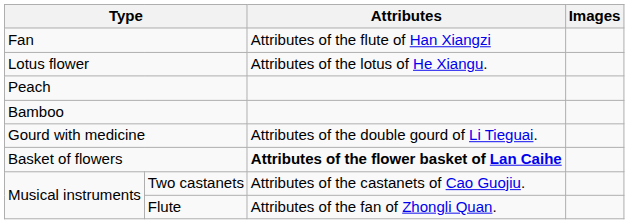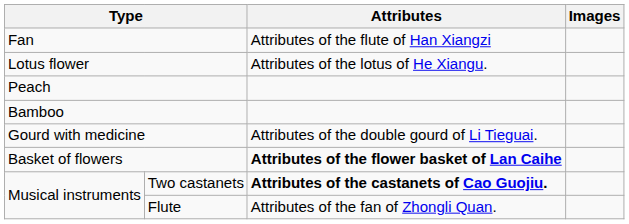 <table class="wikitable">
 <tr>
 <th colspan="2">Type</th>
 <th>Attributes</th>
 <th>Images</th>
 </tr>
 <tr>
 <td colspan="2">Fan</td>
 <td>Attributes of the flute of <a href='#'>Han Xiangzi</a></td>
 <td></td>
 </tr>
 <tr>
 <td colspan="2">Lotus flower</td>
 <td>Attributes of the lotus of <a href='#'>He Xiangu</a>.</td>
 <td></td>
 </tr>
 <tr>
 <td colspan="2">Peach</td>
 <td></td>
 <td></td>
 </tr>
 <tr>
 <td colspan="2">Bamboo</td>
 <td></td>
 <td></td>
 </tr>
 <tr>
 <td colspan="2">Gourd with medicine</td>
 <td>Attributes of the double gourd of <a href='#'>Li Tieguai</a>.</td>
 <td></td>
 </tr>
 <tr>
 <td colspan="2">Basket of flowers</td>
 <td><strong>Attributes of the flower basket of <a href='#'>Lan Caihe</a></strong></td>
 <td></td>
 </tr>
 <tr>
 <td rowspan="2">Musical instruments</td>
 <td>Two castanets</td>
-<td>Attributes of the castanets of <a href='#'>Cao Guojiu</a>.</td>
+<td><strong>Attributes of the castanets of <a href='#'>Cao Guojiu</a>.</strong></td>
 <td></td>
 </tr>
 <tr>
 <td>Flute</td>
 <td>Attributes of the fan of <a href='#'>Zhongli Quan</a>.</td>
 <td></td>
 </tr>
 </table>
